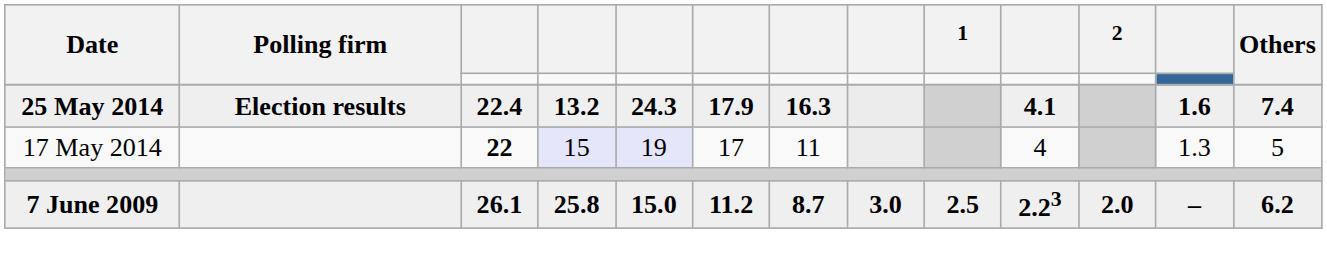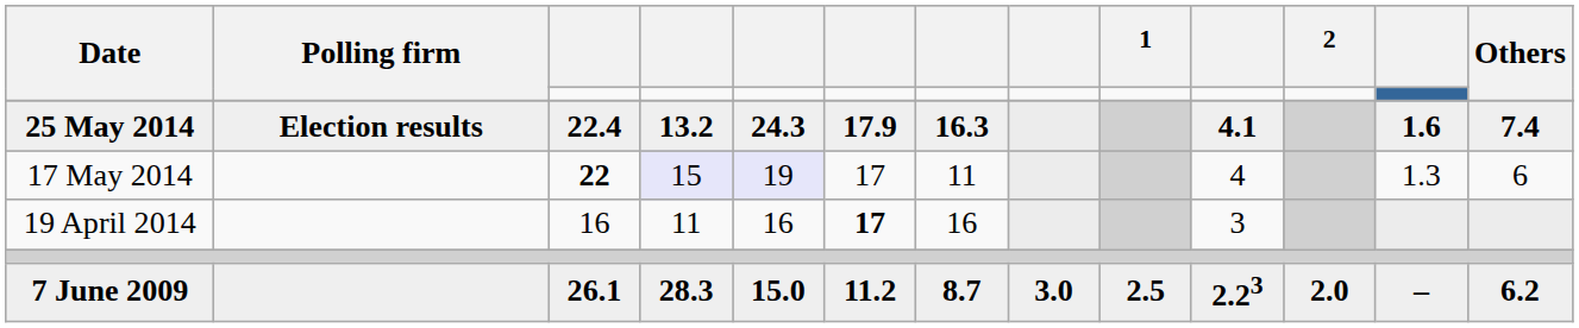 <table class="wikitable" style="text-align:center;">
 <tr style="height:42px;">
 <th style="width:100px;" rowspan="2">Date</th>
 <th style="width:165px;" rowspan="2">Polling firm</th>
 <th width=40px></th>
 <th width=40px></th>
 <th width=40px></th>
 <th width=40px></th>
 <th width=40px></th>
 <th width=40px></th>
 <th width=40px><sup>1</sup></th>
 <th width=40px></th>
 <th width=40px><sup>2</sup></th>
 <th width=40px></th>
 <th style="width:40px;" rowspan="2">Others</th>
 </tr>
 <tr>
 <td bgcolor=></td>
 <td bgcolor=></td>
 <td bgcolor=></td>
 <td bgcolor=></td>
 <td bgcolor=></td>
 <td bgcolor=></td>
 <td bgcolor=></td>
 <td bgcolor=></td>
 <td bgcolor=></td>
 <td bgcolor=#336699></td>
 </tr>
 <tr>
 </tr>
 <tr style="background:#EFEFEF; font-weight:bold;">
 <td>25 May 2014</td>
 <td>Election results</td>
 <td>22.4</td>
 <td>13.2</td>
 <td style="background:">24.3</td>
 <td>17.9</td>
 <td>16.3</td>
 <td bgcolor=#ececec></td>
 <td bgcolor=#D0D0D0></td>
 <td>4.1</td>
 <td bgcolor=#D0D0D0></td>
 <td>1.6</td>
 <td>7.4</td>
 </tr>
 <tr>
 <td>17 May 2014</td>
 <td></td>
 <td style="background:"><strong>22</strong></td>
 <td style="background: lavender;">15</td>
 <td style="background: lavender;">19</td>
 <td>17</td>
 <td>11</td>
 <td bgcolor=#ececec></td>
 <td bgcolor=#D0D0D0></td>
 <td>4</td>
 <td bgcolor=#D0D0D0></td>
 <td>1.3</td>
-<td>5</td>
+<td>6</td>
+</tr>
+<tr>
+<td>19 April 2014</td>
+<td></td>
+<td>16</td>
+<td>11</td>
+<td>16</td>
+<td style="background:"><strong>17</strong></td>
+<td>16</td>
+<td bgcolor=#ececec></td>
+<td bgcolor=#D0D0D0></td>
+<td>3</td>
+<td bgcolor=#D0D0D0></td>
+<td bgcolor=#ececec></td>
+<td bgcolor=#ececec></td>
 </tr>
 <tr>
 <td colspan="13" style="background:#D0D0D0; color:black"></td>
 </tr>
 <tr style="background:#EFEFEF; font-weight:bold;">
 <td>7 June 2009</td>
 <td></td>
 <td style="background:">26.1</td>
-<td>25.8</td>
+<td>28.3</td>
 <td>15.0</td>
 <td>11.2</td>
 <td>8.7</td>
 <td>3.0</td>
 <td>2.5</td>
 <td>2.2<sup>3</sup></td>
 <td>2.0</td>
 <td>–</td>
 <td>6.2</td>
 </tr>
 </table>
